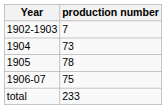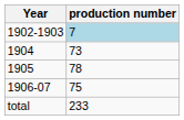 <table class="wikitable sortable">
 <tr>
 <th>Year</th>
 <th>production number</th>
 </tr>
 <tr>
 <td>1902-1903</td>
-<td>7</td>
+<td style="background: lightblue;">7</td>
 </tr>
 <tr>
 <td>1904</td>
 <td>73</td>
 </tr>
 <tr>
 <td>1905</td>
 <td>78</td>
 </tr>
 <tr>
 <td>1906-07</td>
 <td>75</td>
 </tr>
 <tr>
 <td>total</td>
 <td>233</td>
 </tr>
 </table>
